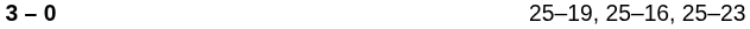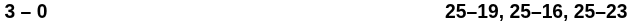 <table width=100% cellspacing=1>
 <tr>
 <th width=20%></th>
 <th width=12%></th>
 <th width=20%></th>
 <th width=33%></th>
 <td></td>
 </tr>
 <tr style=font-size:95%>
 <td align=right><strong></strong></td>
 <td align=center><strong>3 – 0</strong></td>
 <td></td>
-<td>25–19, 25–16, 25–23</td>
+<td><strong>25–19, 25–16, 25–23</strong></td>
 </tr>
 </table>
